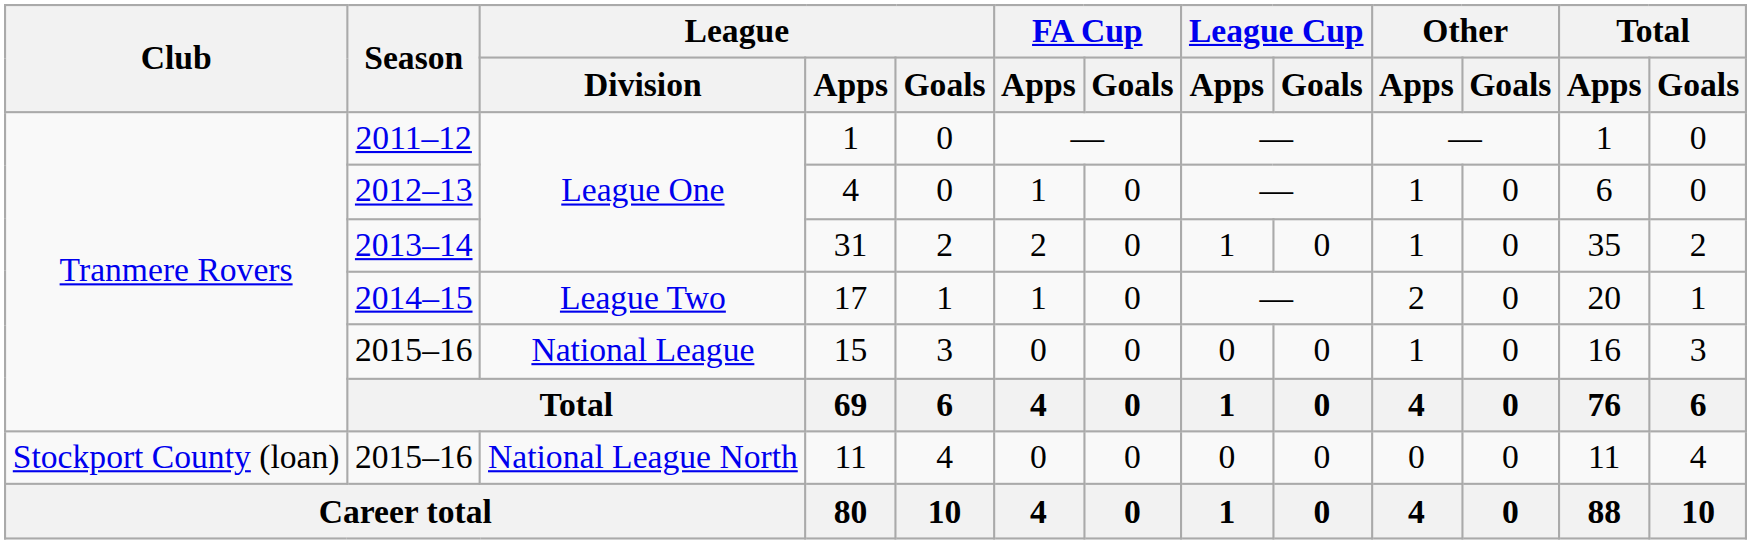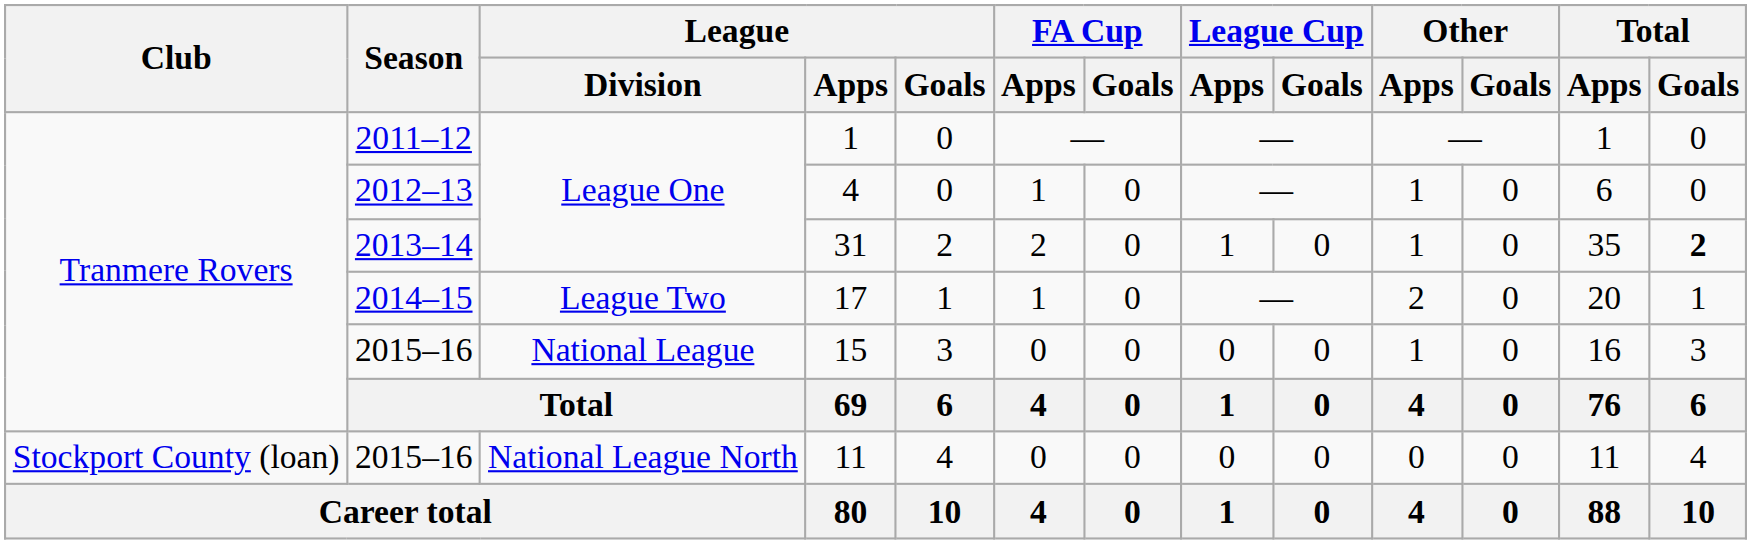 <table class="wikitable" style="text-align: center;">
 <tr>
 <th rowspan="2">Club</th>
 <th rowspan="2">Season</th>
 <th colspan="3">League</th>
 <th colspan="2"><a href='#'>FA Cup</a></th>
 <th colspan="2"><a href='#'>League Cup</a></th>
 <th colspan="2">Other</th>
 <th colspan="2">Total</th>
 </tr>
 <tr>
 <th>Division</th>
 <th>Apps</th>
 <th>Goals</th>
 <th>Apps</th>
 <th>Goals</th>
 <th>Apps</th>
 <th>Goals</th>
 <th>Apps</th>
 <th>Goals</th>
 <th>Apps</th>
 <th>Goals</th>
 </tr>
 <tr>
 <td rowspan="6" valign="center"><a href='#'>Tranmere Rovers</a></td>
 <td><a href='#'>2011–12</a></td>
 <td rowspan="3"><a href='#'>League One</a></td>
 <td>1</td>
 <td>0</td>
 <td colspan="2">—</td>
 <td colspan="2">—</td>
 <td colspan="2">—</td>
 <td>1</td>
 <td>0</td>
 </tr>
 <tr>
 <td><a href='#'>2012–13</a></td>
 <td>4</td>
 <td>0</td>
 <td>1</td>
 <td>0</td>
 <td colspan="2">—</td>
 <td>1</td>
 <td>0</td>
 <td>6</td>
 <td>0</td>
 </tr>
 <tr>
 <td><a href='#'>2013–14</a></td>
 <td>31</td>
 <td>2</td>
 <td>2</td>
 <td>0</td>
 <td>1</td>
 <td>0</td>
 <td>1</td>
 <td>0</td>
 <td>35</td>
-<td>2</td>
+<td><strong>2</strong></td>
 </tr>
 <tr>
 <td><a href='#'>2014–15</a></td>
 <td><a href='#'>League Two</a></td>
 <td>17</td>
 <td>1</td>
 <td>1</td>
 <td>0</td>
 <td colspan="2">—</td>
 <td>2</td>
 <td>0</td>
 <td>20</td>
 <td>1</td>
 </tr>
 <tr>
 <td>2015–16</td>
 <td><a href='#'>National League</a></td>
 <td>15</td>
 <td>3</td>
 <td>0</td>
 <td>0</td>
 <td>0</td>
 <td>0</td>
 <td>1</td>
 <td>0</td>
 <td>16</td>
 <td>3</td>
 </tr>
 <tr>
 <th colspan="2">Total</th>
 <th>69</th>
 <th>6</th>
 <th>4</th>
 <th>0</th>
 <th>1</th>
 <th>0</th>
 <th>4</th>
 <th>0</th>
 <th>76</th>
 <th>6</th>
 </tr>
 <tr>
 <td valign="center"><a href='#'>Stockport County</a> (loan)</td>
 <td>2015–16</td>
 <td><a href='#'>National League North</a></td>
 <td>11</td>
 <td>4</td>
 <td>0</td>
 <td>0</td>
 <td>0</td>
 <td>0</td>
 <td>0</td>
 <td>0</td>
 <td>11</td>
 <td>4</td>
 </tr>
 <tr>
 <th colspan=3>Career total</th>
 <th>80</th>
 <th>10</th>
 <th>4</th>
 <th>0</th>
 <th>1</th>
 <th>0</th>
 <th>4</th>
 <th>0</th>
 <th>88</th>
 <th>10</th>
 </tr>
 </table>
